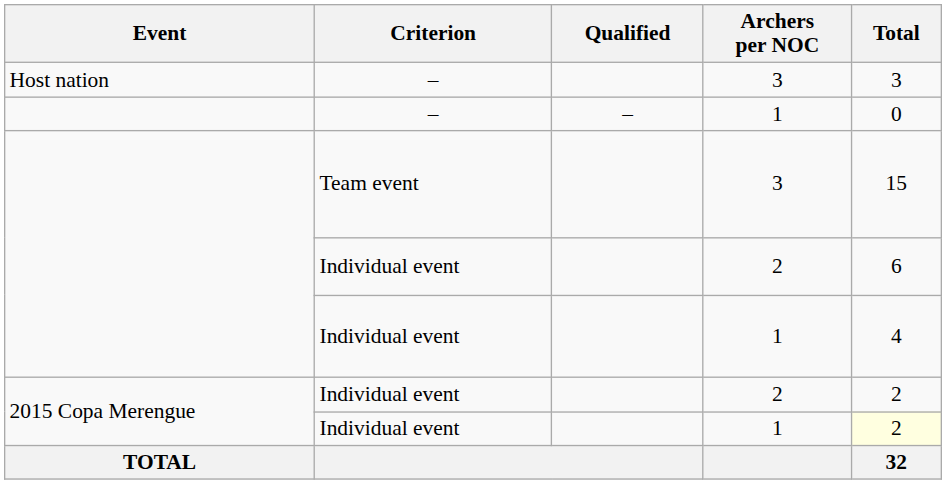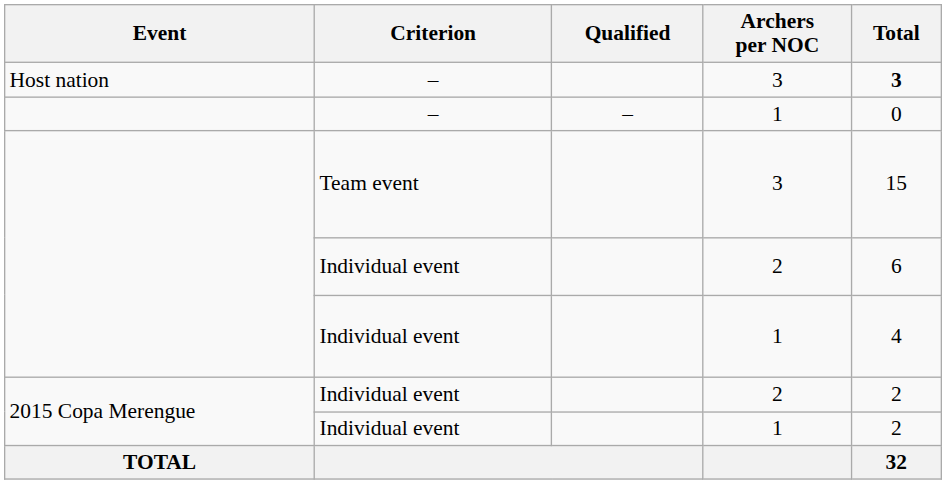 <table class="wikitable" width=700>
 <tr>
 <th>Event</th>
 <th>Criterion</th>
 <th>Qualified</th>
 <th>Archers<br> per NOC</th>
 <th>Total</th>
 </tr>
 <tr>
 <td>Host nation</td>
 <td align="center">–</td>
 <td></td>
 <td align="center">3</td>
-<td align="center">3</td>
+<td align="center"><strong>3</strong></td>
 </tr>
 <tr>
 <td></td>
 <td align="center">–</td>
 <td align="center">–</td>
 <td align="center">1</td>
 <td align="center">0</td>
 </tr>
 <tr>
 <td rowspan="3"></td>
 <td>Team event</td>
 <td><br><br><br><br></td>
 <td align="center">3</td>
 <td align="center">15</td>
 </tr>
 <tr>
 <td>Individual event</td>
 <td><br><br></td>
 <td align="center">2</td>
 <td align="center">6</td>
 </tr>
 <tr>
 <td>Individual event</td>
 <td><br><br><br></td>
 <td align="center">1</td>
 <td align="center">4</td>
 </tr>
 <tr>
 <td rowspan="2">2015 Copa Merengue</td>
 <td>Individual event</td>
 <td></td>
 <td align="center">2</td>
 <td align="center">2</td>
 </tr>
 <tr>
 <td>Individual event</td>
 <td><br></td>
 <td align="center">1</td>
-<td align="center" style="background: lightyellow;">2</td>
+<td align="center">2</td>
 </tr>
 <tr>
 <th>TOTAL</th>
 <th colspan="2"></th>
 <th></th>
 <th>32</th>
 </tr>
 </table>
